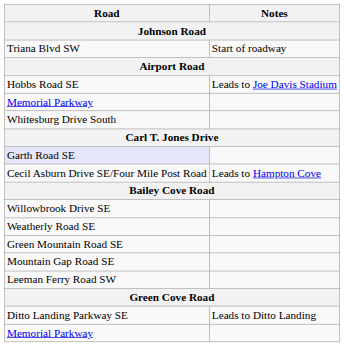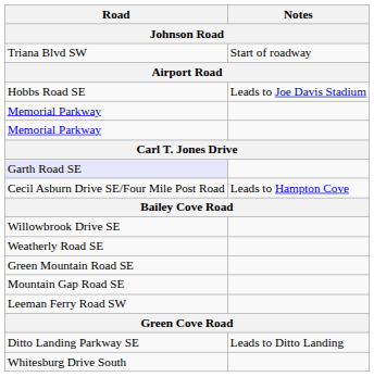 <table class="wikitable">
 <tr>
 <th>Road</th>
 <th>Notes</th>
 </tr>
 <tr>
 <th colspan="2">Johnson Road</th>
 </tr>
 <tr>
 <td>Triana Blvd SW</td>
 <td>Start of roadway</td>
 </tr>
 <tr>
 <th colspan="2">Airport Road</th>
 </tr>
 <tr>
 <td>Hobbs Road SE</td>
 <td>Leads to <a href='#'>Joe Davis Stadium</a></td>
 </tr>
 <tr>
 <td> <a href='#'>Memorial Parkway</a></td>
 <td></td>
 </tr>
 <tr>
-<td>Whitesburg Drive South</td>
+<td> <a href='#'>Memorial Parkway</a></td>
 <td></td>
 </tr>
 <tr>
 <th colspan="2">Carl T. Jones Drive</th>
 </tr>
 <tr>
 <td style="background: lavender;">Garth Road SE</td>
 <td></td>
 </tr>
 <tr>
 <td>Cecil Asburn Drive SE/Four Mile Post Road</td>
 <td>Leads to <a href='#'>Hampton Cove</a></td>
 </tr>
 <tr>
 <th colspan="2">Bailey Cove Road</th>
 </tr>
 <tr>
 <td>Willowbrook Drive SE</td>
 <td></td>
 </tr>
 <tr>
 <td>Weatherly Road SE</td>
 <td></td>
 </tr>
 <tr>
 <td>Green Mountain Road SE</td>
 <td></td>
 </tr>
 <tr>
 <td>Mountain Gap Road SE</td>
 <td></td>
 </tr>
 <tr>
 <td>Leeman Ferry Road SW</td>
 <td></td>
 </tr>
 <tr>
 <th colspan="2">Green Cove Road</th>
 </tr>
 <tr>
 <td>Ditto Landing Parkway SE</td>
 <td>Leads to Ditto Landing</td>
 </tr>
 <tr>
-<td> <a href='#'>Memorial Parkway</a></td>
+<td>Whitesburg Drive South</td>
 <td></td>
 </tr>
 </table>
